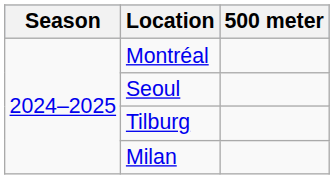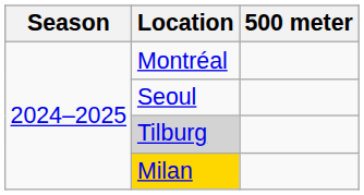 <table class="wikitable" style="display: inline-table;">
 <tr align="center" bgcolor="#b0c4de">
 <th>Season</th>
 <th>Location</th>
 <th>500 meter</th>
 </tr>
 <tr>
 <td rowspan=4><a href='#'>2024–2025</a></td>
 <td> <a href='#'>Montréal</a></td>
 <td style="text-align:center;"></td>
 </tr>
 <tr>
 <td> <a href='#'>Seoul</a></td>
 <td style="text-align:center;"></td>
 </tr>
 <tr>
-<td> <a href='#'>Tilburg</a></td>
+<td style="background: lightgrey;"> <a href='#'>Tilburg</a></td>
 <td style="text-align:center;"></td>
 </tr>
 <tr>
-<td> <a href='#'>Milan</a></td>
+<td style="background: gold;"> <a href='#'>Milan</a></td>
 <td style="text-align:center;"></td>
 </tr>
 </table>
